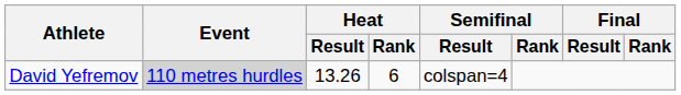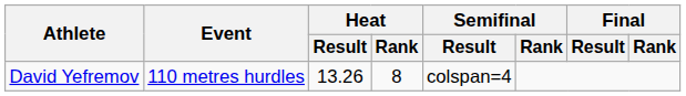 <table class="wikitable" style="font-size:90%">
 <tr>
 <th rowspan="2">Athlete</th>
 <th rowspan="2">Event</th>
 <th colspan="2">Heat</th>
 <th colspan="2">Semifinal</th>
 <th colspan="2">Final</th>
 </tr>
 <tr style="font-size:95%">
 <th>Result</th>
 <th>Rank</th>
 <th>Result</th>
 <th>Rank</th>
 <th>Result</th>
 <th>Rank</th>
 </tr>
 <tr align=center>
 <td align=left><a href='#'>David Yefremov</a></td>
-<td align=left style="background: lightgrey;"><a href='#'>110 metres hurdles</a></td>
+<td align=left><a href='#'>110 metres hurdles</a></td>
 <td>13.26</td>
-<td>6</td>
+<td>8</td>
 <td>colspan=4 </td>
 </tr>
 </table>
